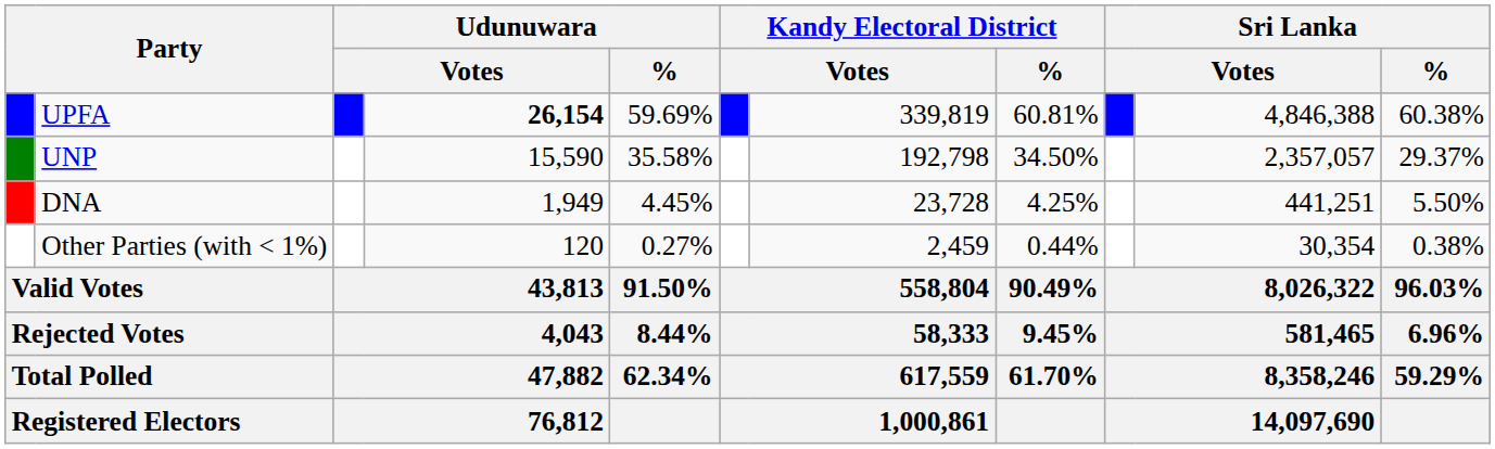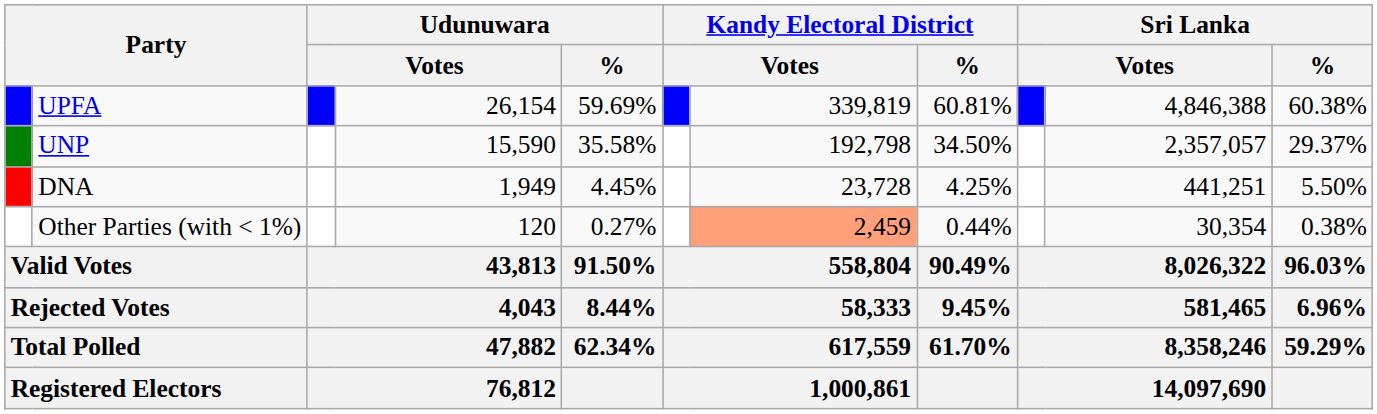 <table class="wikitable">
 <tr>
 <th colspan="2" width="144px"rowspan="2">Party</th>
 <th colspan="3" width="216px">Udunuwara</th>
 <th colspan="3" width="216px"><a href='#'>Kandy Electoral District</a></th>
 <th colspan="3" width="216px">Sri Lanka</th>
 </tr>
 <tr>
 <th colspan="2" width="144px">Votes</th>
 <th>%</th>
 <th colspan="2" width="144px">Votes</th>
 <th>%</th>
 <th colspan="2" width="144px">Votes</th>
 <th>%</th>
 </tr>
 <tr>
 <td style="background-color:blue;" width="10px"></td>
 <td style="text-align:left;"><a href='#'>UPFA</a></td>
 <td style="background-color:blue;" width="10px"></td>
-<td style="text-align:right;"><strong>26,154</strong></td>
+<td style="text-align:right;">26,154</td>
 <td style="text-align:right;">59.69%</td>
 <td style="background-color:blue;" width="10px"></td>
 <td style="text-align:right;">339,819</td>
 <td style="text-align:right;">60.81%</td>
 <td style="background-color:blue;" width="10px"></td>
 <td style="text-align:right;">4,846,388</td>
 <td style="text-align:right;">60.38%</td>
 </tr>
 <tr>
 <td style="background-color:green;" width="10px"></td>
 <td style="text-align:left;"><a href='#'>UNP</a></td>
 <td style="background-color:white;" width="10px"></td>
 <td style="text-align:right;">15,590</td>
 <td style="text-align:right;">35.58%</td>
 <td style="background-color:white;" width="10px"></td>
 <td style="text-align:right;">192,798</td>
 <td style="text-align:right;">34.50%</td>
 <td style="background-color:white;" width="10px"></td>
 <td style="text-align:right;">2,357,057</td>
 <td style="text-align:right;">29.37%</td>
 </tr>
 <tr>
 <td style="background-color:red;" width="10px"></td>
 <td style="text-align:left;">DNA</td>
 <td style="background-color:white;" width="10px"></td>
 <td style="text-align:right;">1,949</td>
 <td style="text-align:right;">4.45%</td>
 <td style="background-color:white;" width="10px"></td>
 <td style="text-align:right;">23,728</td>
 <td style="text-align:right;">4.25%</td>
 <td style="background-color:white;" width="10px"></td>
 <td style="text-align:right;">441,251</td>
 <td style="text-align:right;">5.50%</td>
 </tr>
 <tr>
 <td style="background-color:white;" width="10px"></td>
 <td style="text-align:left;">Other Parties (with < 1%)</td>
 <td style="background-color:white;" width="10px"></td>
 <td style="text-align:right;">120</td>
 <td style="text-align:right;">0.27%</td>
 <td style="background-color:white;" width="10px"></td>
-<td style="text-align:right;">2,459</td>
+<td style="background: lightsalmon; text-align:right;">2,459</td>
 <td style="text-align:right;">0.44%</td>
 <td style="background-color:white;" width="10px"></td>
 <td style="text-align:right;">30,354</td>
 <td style="text-align:right;">0.38%</td>
 </tr>
 <tr>
 <th colspan="2" width="144px"style="text-align:left;">Valid Votes</th>
 <th style="text-align:right;"colspan="2" width="144px">43,813</th>
 <th style="text-align:right;">91.50%</th>
 <th style="text-align:right;"colspan="2" width="144px">558,804</th>
 <th style="text-align:right;">90.49%</th>
 <th style="text-align:right;"colspan="2" width="144px">8,026,322</th>
 <th style="text-align:right;">96.03%</th>
 </tr>
 <tr>
 <th colspan="2" width="144px"style="text-align:left;">Rejected Votes</th>
 <th style="text-align:right;"colspan="2" width="144px">4,043</th>
 <th style="text-align:right;">8.44%</th>
 <th style="text-align:right;"colspan="2" width="144px">58,333</th>
 <th style="text-align:right;">9.45%</th>
 <th style="text-align:right;"colspan="2" width="144px">581,465</th>
 <th style="text-align:right;">6.96%</th>
 </tr>
 <tr>
 <th colspan="2" width="144px"style="text-align:left;">Total Polled</th>
 <th style="text-align:right;"colspan="2" width="144px">47,882</th>
 <th style="text-align:right;">62.34%</th>
 <th style="text-align:right;"colspan="2" width="144px">617,559</th>
 <th style="text-align:right;">61.70%</th>
 <th style="text-align:right;"colspan="2" width="144px">8,358,246</th>
 <th style="text-align:right;">59.29%</th>
 </tr>
 <tr>
 <th colspan="2" width="144px"style="text-align:left;">Registered Electors</th>
 <th style="text-align:right;"colspan="2" width="144px">76,812</th>
 <th></th>
 <th style="text-align:right;"colspan="2" width="144px">1,000,861</th>
 <th></th>
 <th style="text-align:right;"colspan="2" width="144px">14,097,690</th>
 <th></th>
 </tr>
 </table>
